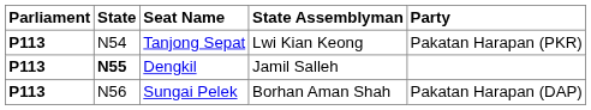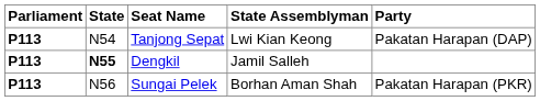 <table class="toccolours sortable" border="1" cellpadding="3" style="border-collapse:collapse; text-align: left;">
 <tr>
 <th align="center">Parliament</th>
 <th>State</th>
 <th>Seat Name</th>
 <th>State Assemblyman</th>
 <th>Party</th>
 </tr>
 <tr>
 <th>P113</th>
 <td>N54</td>
 <td><a href='#'>Tanjong Sepat</a></td>
 <td>Lwi Kian Keong</td>
-<td>Pakatan Harapan (PKR)</td>
+<td>Pakatan Harapan (DAP)</td>
 </tr>
 <tr>
 <th>P113</th>
 <td><strong>N55</strong></td>
 <td><a href='#'>Dengkil</a></td>
 <td>Jamil Salleh</td>
 <td></td>
 </tr>
 <tr>
 <th align="left">P113</th>
 <td>N56</td>
 <td><a href='#'>Sungai Pelek</a></td>
 <td>Borhan Aman Shah</td>
-<td>Pakatan Harapan (DAP)</td>
+<td>Pakatan Harapan (PKR)</td>
 </tr>
 </table>
